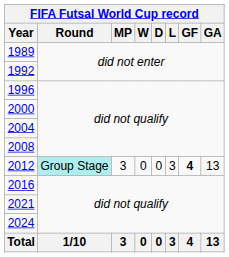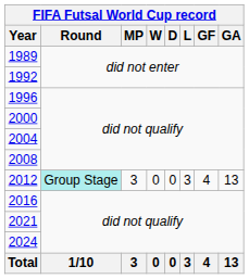 <table class="wikitable" style="text-align: center;">
 <tr>
 <th colspan="8"><a href='#'>FIFA Futsal World Cup record</a></th>
 </tr>
 <tr>
 <th>Year</th>
 <th>Round</th>
 <th>MP</th>
 <th>W</th>
 <th>D</th>
 <th>L</th>
 <th>GF</th>
 <th>GA</th>
 </tr>
 <tr>
 <td> <a href='#'>1989</a></td>
 <td colspan="7" rowspan="2"><em>did not enter</em></td>
 </tr>
 <tr>
 <td> <a href='#'>1992</a></td>
 </tr>
 <tr>
 <td> <a href='#'>1996</a></td>
 <td colspan="7" rowspan="4"><em>did not qualify</em></td>
 </tr>
 <tr>
 <td> <a href='#'>2000</a></td>
 </tr>
 <tr>
 <td> <a href='#'>2004</a></td>
 </tr>
 <tr>
 <td> <a href='#'>2008</a></td>
 </tr>
 <tr>
 <td> <a href='#'>2012</a></td>
 <td style="background: paleturquoise;">Group Stage</td>
 <td>3</td>
 <td>0</td>
 <td>0</td>
 <td>3</td>
-<td><strong>4</strong></td>
+<td>4</td>
 <td>13</td>
 </tr>
 <tr>
 <td> <a href='#'>2016</a></td>
 <td colspan="7" rowspan="3"><em>did not qualify</em></td>
 </tr>
 <tr>
 <td> <a href='#'>2021</a></td>
 </tr>
 <tr>
 <td> <a href='#'>2024</a></td>
 </tr>
 <tr>
 <th><strong>Total</strong></th>
 <th>1/10</th>
 <th>3</th>
 <th>0</th>
 <th>0</th>
 <th>3</th>
 <th>4</th>
 <th>13</th>
 </tr>
 </table>
